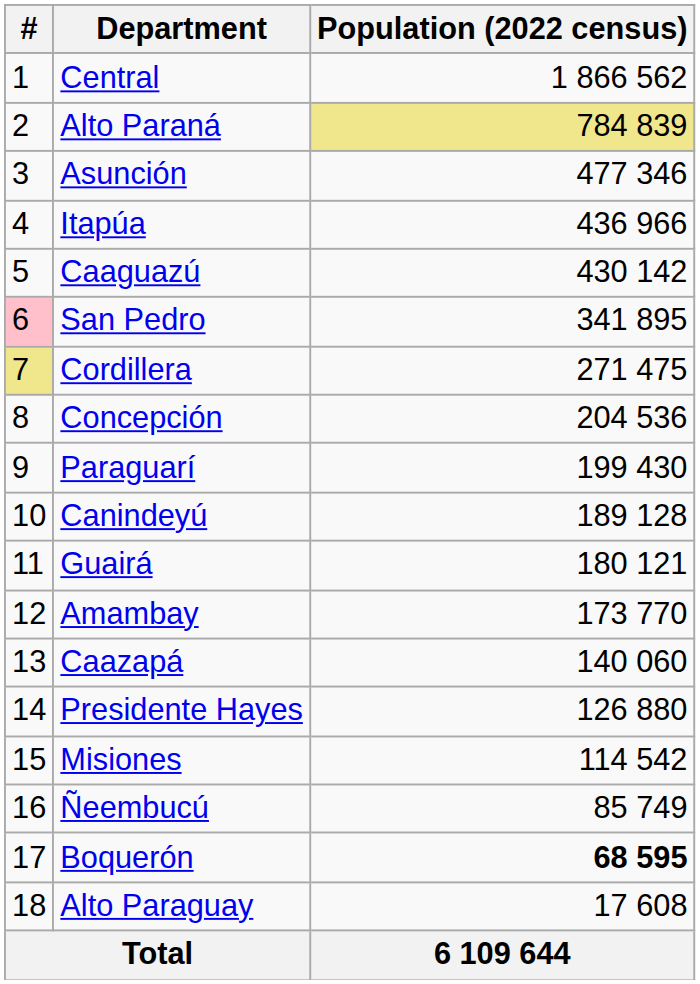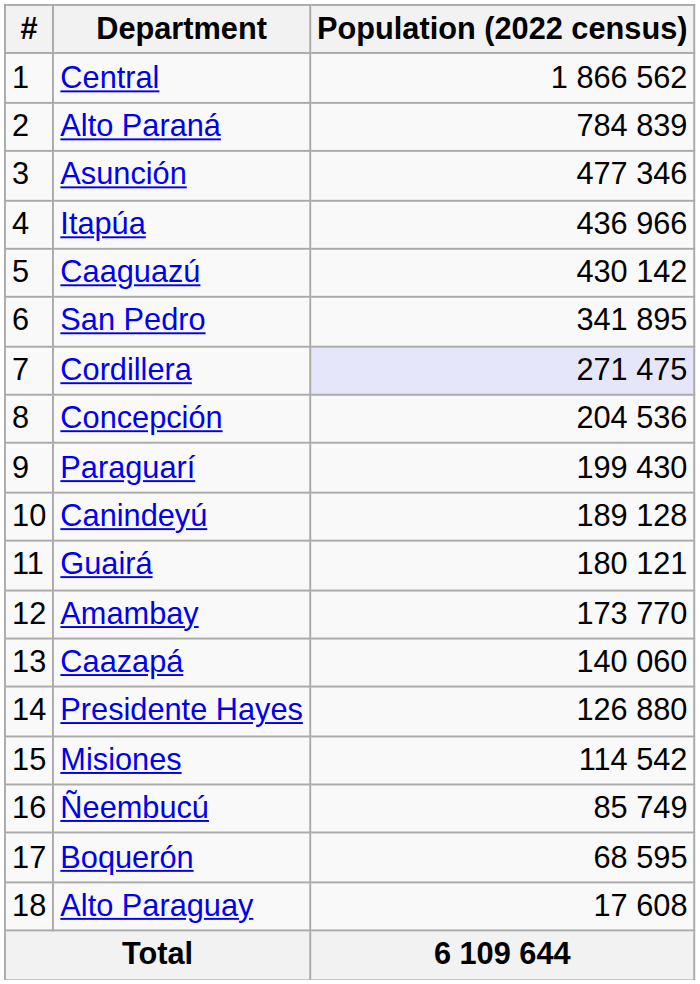 <table class="wikitable sortable">
 <tr>
 <th>#</th>
 <th align="center">Department</th>
 <th data-sort-type="number" align="center">Population (2022 census)</th>
 </tr>
 <tr>
 <td>1</td>
 <td> <a href='#'>Central</a></td>
 <td align="right">1 866 562</td>
 </tr>
 <tr>
 <td>2</td>
 <td> <a href='#'>Alto Paraná</a></td>
-<td align="right" style="background: khaki;">784 839</td>
+<td align="right">784 839</td>
 </tr>
 <tr>
 <td>3</td>
 <td> <a href='#'>Asunción</a></td>
 <td align="right">477 346</td>
 </tr>
 <tr>
 <td>4</td>
 <td> <a href='#'>Itapúa</a></td>
 <td align="right">436 966</td>
 </tr>
 <tr>
 <td>5</td>
 <td> <a href='#'>Caaguazú</a></td>
 <td align="right">430 142</td>
 </tr>
 <tr>
-<td style="background: pink;">6</td>
+<td>6</td>
 <td> <a href='#'>San Pedro</a></td>
 <td align="right">341 895</td>
 </tr>
 <tr>
-<td style="background: khaki;">7</td>
+<td>7</td>
 <td> <a href='#'>Cordillera</a></td>
-<td align="right">271 475</td>
+<td align="right" style="background: lavender;">271 475</td>
 </tr>
 <tr>
 <td>8</td>
 <td> <a href='#'>Concepción</a></td>
 <td align="right">204 536</td>
 </tr>
 <tr>
 <td>9</td>
 <td> <a href='#'>Paraguarí</a></td>
 <td align="right">199 430</td>
 </tr>
 <tr>
 <td>10</td>
 <td> <a href='#'>Canindeyú</a></td>
 <td align="right">189 128</td>
 </tr>
 <tr>
 <td>11</td>
 <td> <a href='#'>Guairá</a></td>
 <td align="right">180 121</td>
 </tr>
 <tr>
 <td>12</td>
 <td> <a href='#'>Amambay</a></td>
 <td align="right">173 770</td>
 </tr>
 <tr>
 <td>13</td>
 <td> <a href='#'>Caazapá</a></td>
 <td align="right">140 060</td>
 </tr>
 <tr>
 <td>14</td>
 <td> <a href='#'>Presidente Hayes</a></td>
 <td align="right">126 880</td>
 </tr>
 <tr>
 <td>15</td>
 <td> <a href='#'>Misiones</a></td>
 <td align="right">114 542</td>
 </tr>
 <tr>
 <td>16</td>
 <td> <a href='#'>Ñeembucú</a></td>
 <td align="right">85 749</td>
 </tr>
 <tr>
 <td>17</td>
 <td> <a href='#'>Boquerón</a></td>
-<td align="right"><strong>68 595</strong></td>
+<td align="right">68 595</td>
 </tr>
 <tr>
 <td>18</td>
 <td> <a href='#'>Alto Paraguay</a></td>
 <td align="right">17 608</td>
 </tr>
 <tr>
 <th colspan="2">Total</th>
 <th>6 109 644</th>
 </tr>
 </table>
